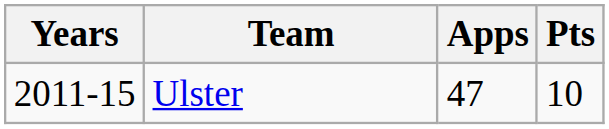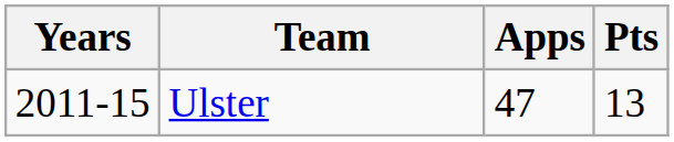 <table class="wikitable" style="text-align:left;">
 <tr>
 <th>Years</th>
 <th width=120px>Team</th>
 <th>Apps</th>
 <th>Pts</th>
 </tr>
 <tr>
 <td>2011-15</td>
 <td><a href='#'>Ulster</a></td>
 <td>47</td>
-<td>10</td>
+<td>13</td>
 </tr>
 </table>
